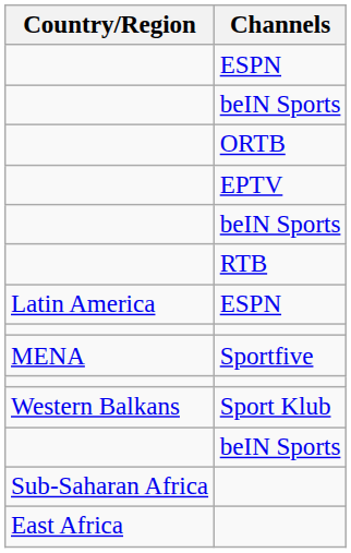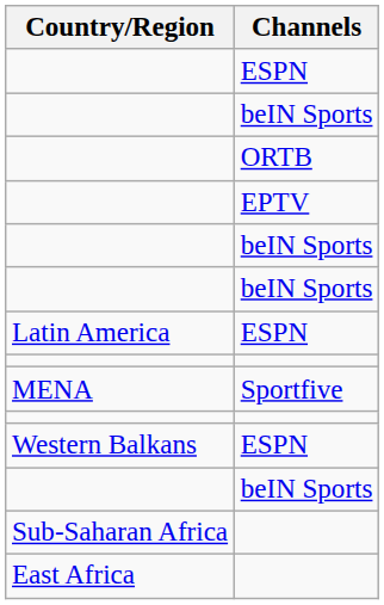 <table class="wikitable">
 <tr>
 <th>Country/Region</th>
 <th>Channels</th>
 </tr>
 <tr>
 <td></td>
 <td><a href='#'>ESPN</a></td>
 </tr>
 <tr>
 <td></td>
 <td><a href='#'>beIN Sports</a></td>
 </tr>
 <tr>
 <td></td>
 <td><a href='#'>ORTB</a></td>
 </tr>
 <tr>
 <td></td>
 <td><a href='#'>EPTV</a></td>
 </tr>
 <tr>
 <td></td>
 <td><a href='#'>beIN Sports</a></td>
 </tr>
 <tr>
 <td></td>
-<td><a href='#'>RTB</a></td>
+<td><a href='#'>beIN Sports</a></td>
 </tr>
 <tr>
 <td><a href='#'>Latin America</a></td>
 <td><a href='#'>ESPN</a></td>
 </tr>
 <tr>
 <td></td>
 <td></td>
 </tr>
 <tr>
 <td> <a href='#'>MENA</a></td>
 <td><a href='#'>Sportfive</a></td>
 </tr>
 <tr>
 <td></td>
 <td></td>
 </tr>
 <tr>
 <td><a href='#'>Western Balkans</a></td>
-<td><a href='#'>Sport Klub</a></td>
+<td><a href='#'>ESPN</a></td>
 </tr>
 <tr>
 <td></td>
 <td><a href='#'>beIN Sports</a></td>
 </tr>
 <tr>
 <td><a href='#'>Sub-Saharan Africa</a></td>
 <td></td>
 </tr>
 <tr>
 <td><a href='#'>East Africa</a></td>
 <td></td>
 </tr>
 </table>
